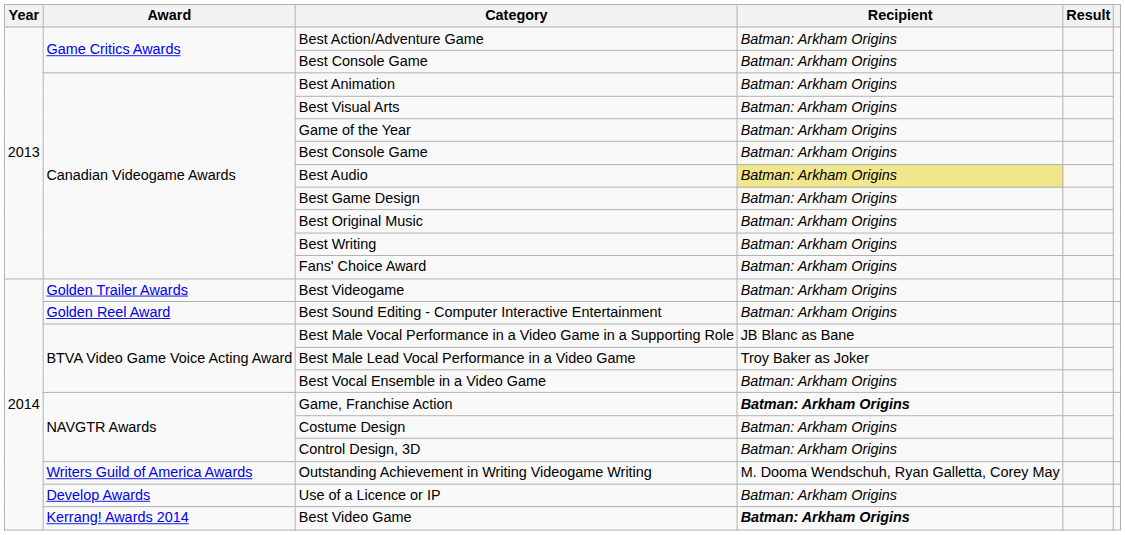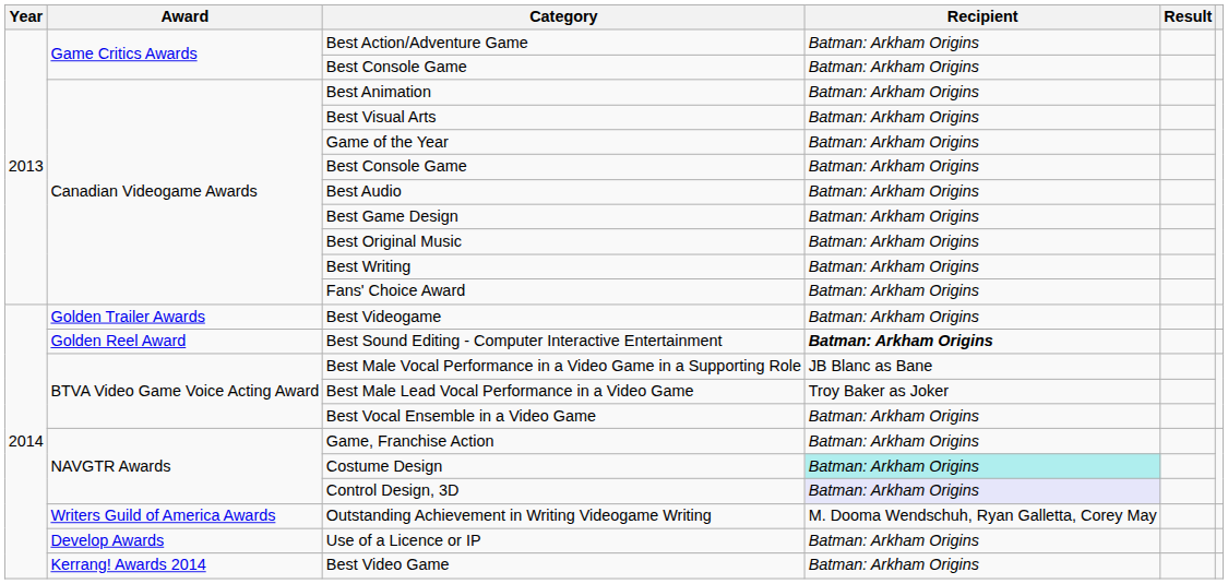 <table class="wikitable sortable MW-collapsible MW-collapsed">
 <tr>
 <th>Year</th>
 <th>Award</th>
 <th>Category</th>
 <th>Recipient</th>
 <th>Result</th>
 <th></th>
 </tr>
 <tr>
 <td rowspan="11">2013</td>
 <td rowspan="2"><a href='#'>Game Critics Awards</a></td>
 <td>Best Action/Adventure Game</td>
 <td><em>Batman: Arkham Origins</em></td>
 <td></td>
 <td rowspan="2"></td>
 </tr>
 <tr>
 <td>Best Console Game</td>
 <td><em> Batman: Arkham Origins</em></td>
 <td></td>
 </tr>
 <tr>
 <td rowspan="9">Canadian Videogame Awards</td>
 <td>Best Animation</td>
 <td><em>Batman: Arkham Origins</em></td>
 <td></td>
 <td rowspan="9"></td>
 </tr>
 <tr>
 <td>Best Visual Arts</td>
 <td><em> Batman: Arkham Origins</em></td>
 <td></td>
 </tr>
 <tr>
 <td>Game of the Year</td>
 <td><em> Batman: Arkham Origins</em></td>
 <td></td>
 </tr>
 <tr>
 <td>Best Console Game</td>
 <td><em> Batman: Arkham Origins</em></td>
 <td></td>
 </tr>
 <tr>
 <td>Best Audio</td>
-<td style="background: khaki;"><em> Batman: Arkham Origins</em></td>
+<td><em> Batman: Arkham Origins</em></td>
 <td></td>
 </tr>
 <tr>
 <td>Best Game Design</td>
 <td><em> Batman: Arkham Origins</em></td>
 <td></td>
 </tr>
 <tr>
 <td>Best Original Music</td>
 <td><em> Batman: Arkham Origins</em></td>
 <td></td>
 </tr>
 <tr>
 <td>Best Writing</td>
 <td><em> Batman: Arkham Origins</em></td>
 <td></td>
 </tr>
 <tr>
 <td>Fans' Choice Award</td>
 <td><em> Batman: Arkham Origins</em></td>
 <td></td>
 </tr>
 <tr>
 <td rowspan="11">2014</td>
 <td><a href='#'>Golden Trailer Awards</a></td>
 <td>Best Videogame</td>
 <td><em>Batman: Arkham Origins</em></td>
 <td></td>
 <td></td>
 </tr>
 <tr>
 <td><a href='#'>Golden Reel Award</a></td>
 <td>Best Sound Editing - Computer Interactive Entertainment</td>
-<td><em>Batman: Arkham Origins</em></td>
+<td><strong><em>Batman: Arkham Origins</em></strong></td>
 <td></td>
 <td></td>
 </tr>
 <tr>
 <td rowspan="3">BTVA Video Game Voice Acting Award</td>
 <td>Best Male Vocal Performance in a Video Game in a Supporting Role</td>
 <td>JB Blanc as Bane</td>
 <td></td>
 <td rowspan="3"></td>
 </tr>
 <tr>
 <td>Best Male Lead Vocal Performance in a Video Game</td>
 <td>Troy Baker as Joker</td>
 <td></td>
 </tr>
 <tr>
 <td>Best Vocal Ensemble in a Video Game</td>
 <td><em> Batman: Arkham Origins</em></td>
 <td></td>
 </tr>
 <tr>
 <td rowspan="3">NAVGTR Awards</td>
 <td>Game, Franchise Action</td>
-<td><strong><em>Batman: Arkham Origins</em></strong></td>
+<td><em>Batman: Arkham Origins</em></td>
 <td></td>
 <td rowspan="3"></td>
 </tr>
 <tr>
 <td>Costume Design</td>
-<td><em> Batman: Arkham Origins</em></td>
+<td style="background: paleturquoise;"><em> Batman: Arkham Origins</em></td>
 <td></td>
 </tr>
 <tr>
 <td>Control Design, 3D</td>
-<td><em> Batman: Arkham Origins</em></td>
+<td style="background: lavender;"><em> Batman: Arkham Origins</em></td>
 <td></td>
 </tr>
 <tr>
 <td><a href='#'>Writers Guild of America Awards</a></td>
 <td>Outstanding Achievement in Writing Videogame Writing</td>
 <td>M. Dooma Wendschuh, Ryan Galletta, Corey May</td>
 <td></td>
 <td></td>
 </tr>
 <tr>
 <td><a href='#'>Develop Awards</a></td>
 <td>Use of a Licence or IP</td>
 <td><em>Batman: Arkham Origins</em></td>
 <td></td>
 <td></td>
 </tr>
 <tr>
 <td><a href='#'>Kerrang! Awards 2014</a></td>
 <td>Best Video Game</td>
-<td><strong><em>Batman: Arkham Origins</em></strong></td>
+<td><em>Batman: Arkham Origins</em></td>
 <td></td>
 <td></td>
 </tr>
 </table>
